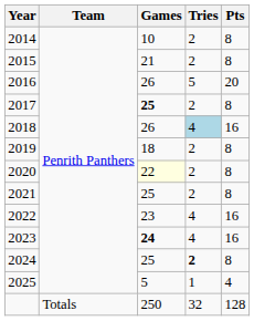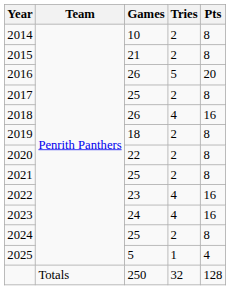 <table class="wikitable">
 <tr>
 <th>Year</th>
 <th>Team</th>
 <th>Games</th>
 <th>Tries</th>
 <th>Pts</th>
 </tr>
 <tr>
 <td>2014</td>
 <td rowspan="12"> <a href='#'>Penrith Panthers</a></td>
 <td>10</td>
 <td>2</td>
 <td>8</td>
 </tr>
 <tr>
 <td>2015</td>
 <td>21</td>
 <td>2</td>
 <td>8</td>
 </tr>
 <tr>
 <td>2016</td>
 <td>26</td>
 <td>5</td>
 <td>20</td>
 </tr>
 <tr>
 <td>2017</td>
-<td><strong>25</strong></td>
+<td>25</td>
 <td>2</td>
 <td>8</td>
 </tr>
 <tr>
 <td>2018</td>
 <td>26</td>
-<td style="background: lightblue;">4</td>
+<td>4</td>
 <td>16</td>
 </tr>
 <tr>
 <td>2019</td>
 <td>18</td>
 <td>2</td>
 <td>8</td>
 </tr>
 <tr>
 <td>2020</td>
-<td style="background: lightyellow;">22</td>
+<td>22</td>
 <td>2</td>
 <td>8</td>
 </tr>
 <tr>
 <td>2021</td>
 <td>25</td>
 <td>2</td>
 <td>8</td>
 </tr>
 <tr>
 <td>2022</td>
 <td>23</td>
 <td>4</td>
 <td>16</td>
 </tr>
 <tr>
 <td>2023</td>
-<td><strong>24</strong></td>
+<td>24</td>
 <td>4</td>
 <td>16</td>
 </tr>
 <tr>
 <td>2024</td>
 <td>25</td>
-<td><strong>2</strong></td>
+<td>2</td>
 <td>8</td>
 </tr>
 <tr>
 <td>2025</td>
 <td>5</td>
 <td>1</td>
 <td>4</td>
 </tr>
 <tr>
 <td></td>
 <td>Totals</td>
 <td>250</td>
 <td>32</td>
 <td>128</td>
 </tr>
 </table>
